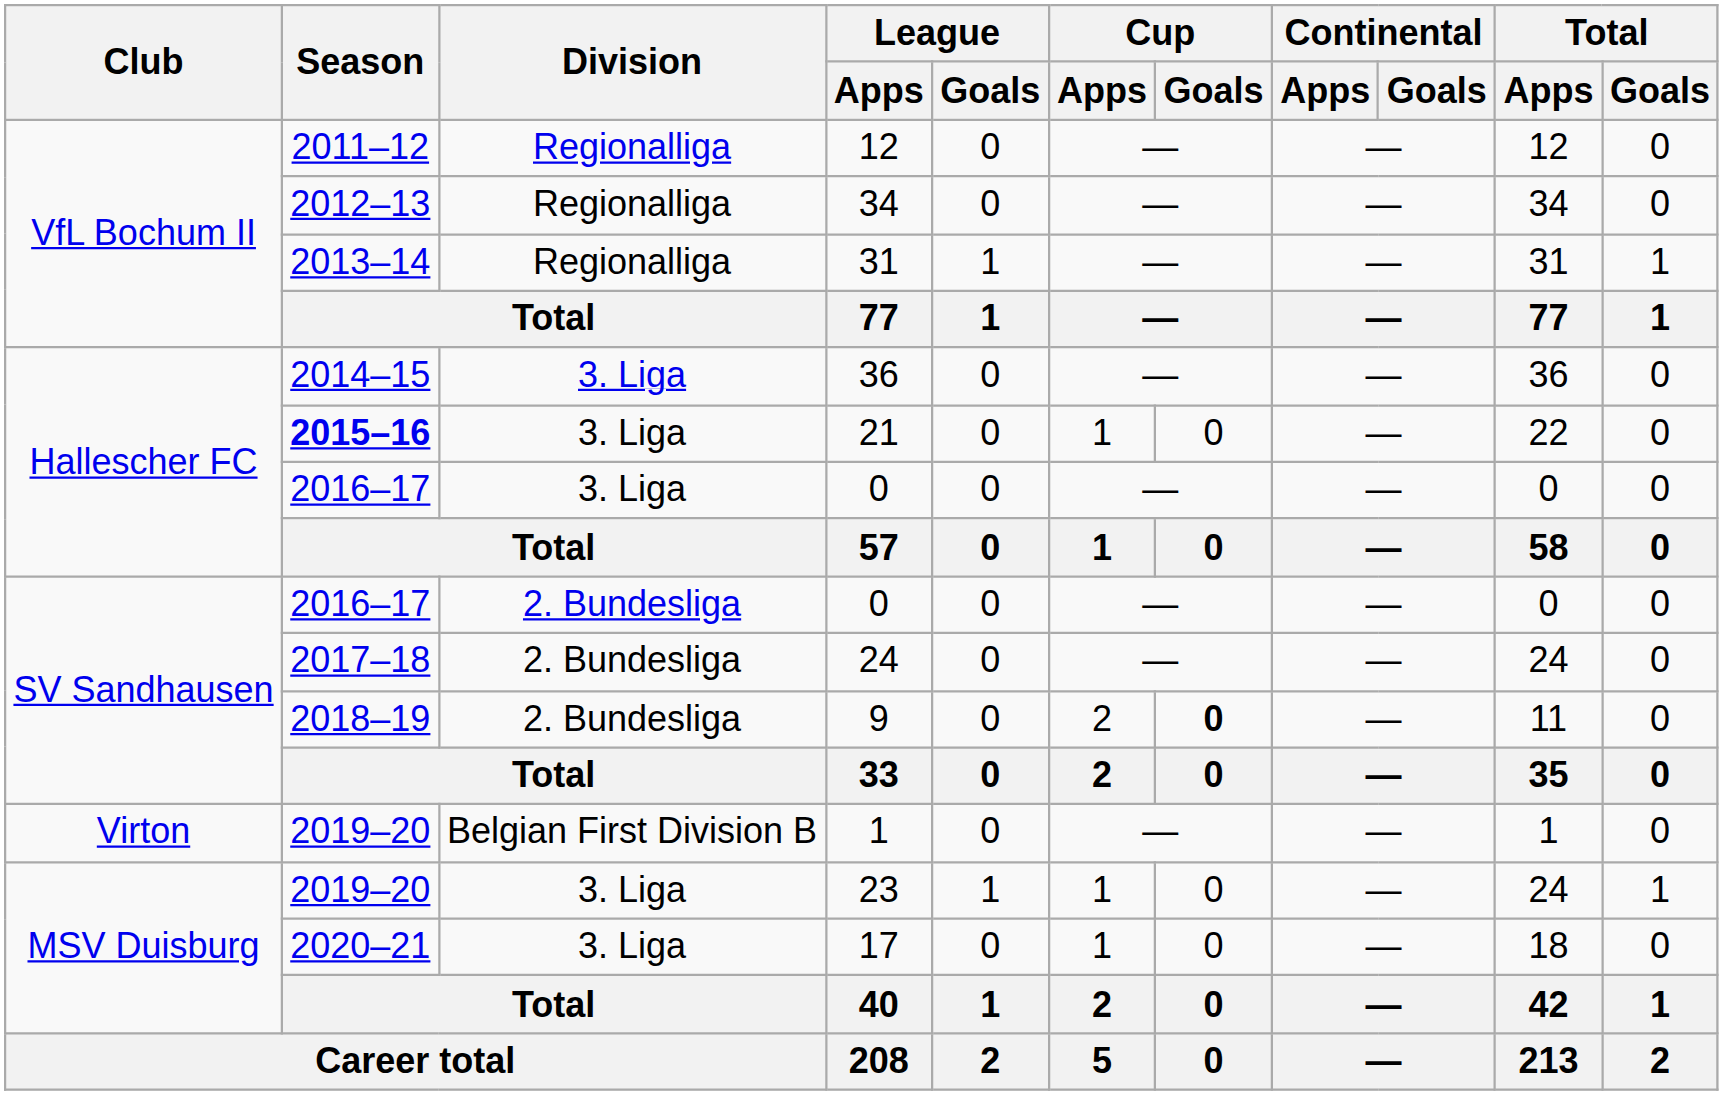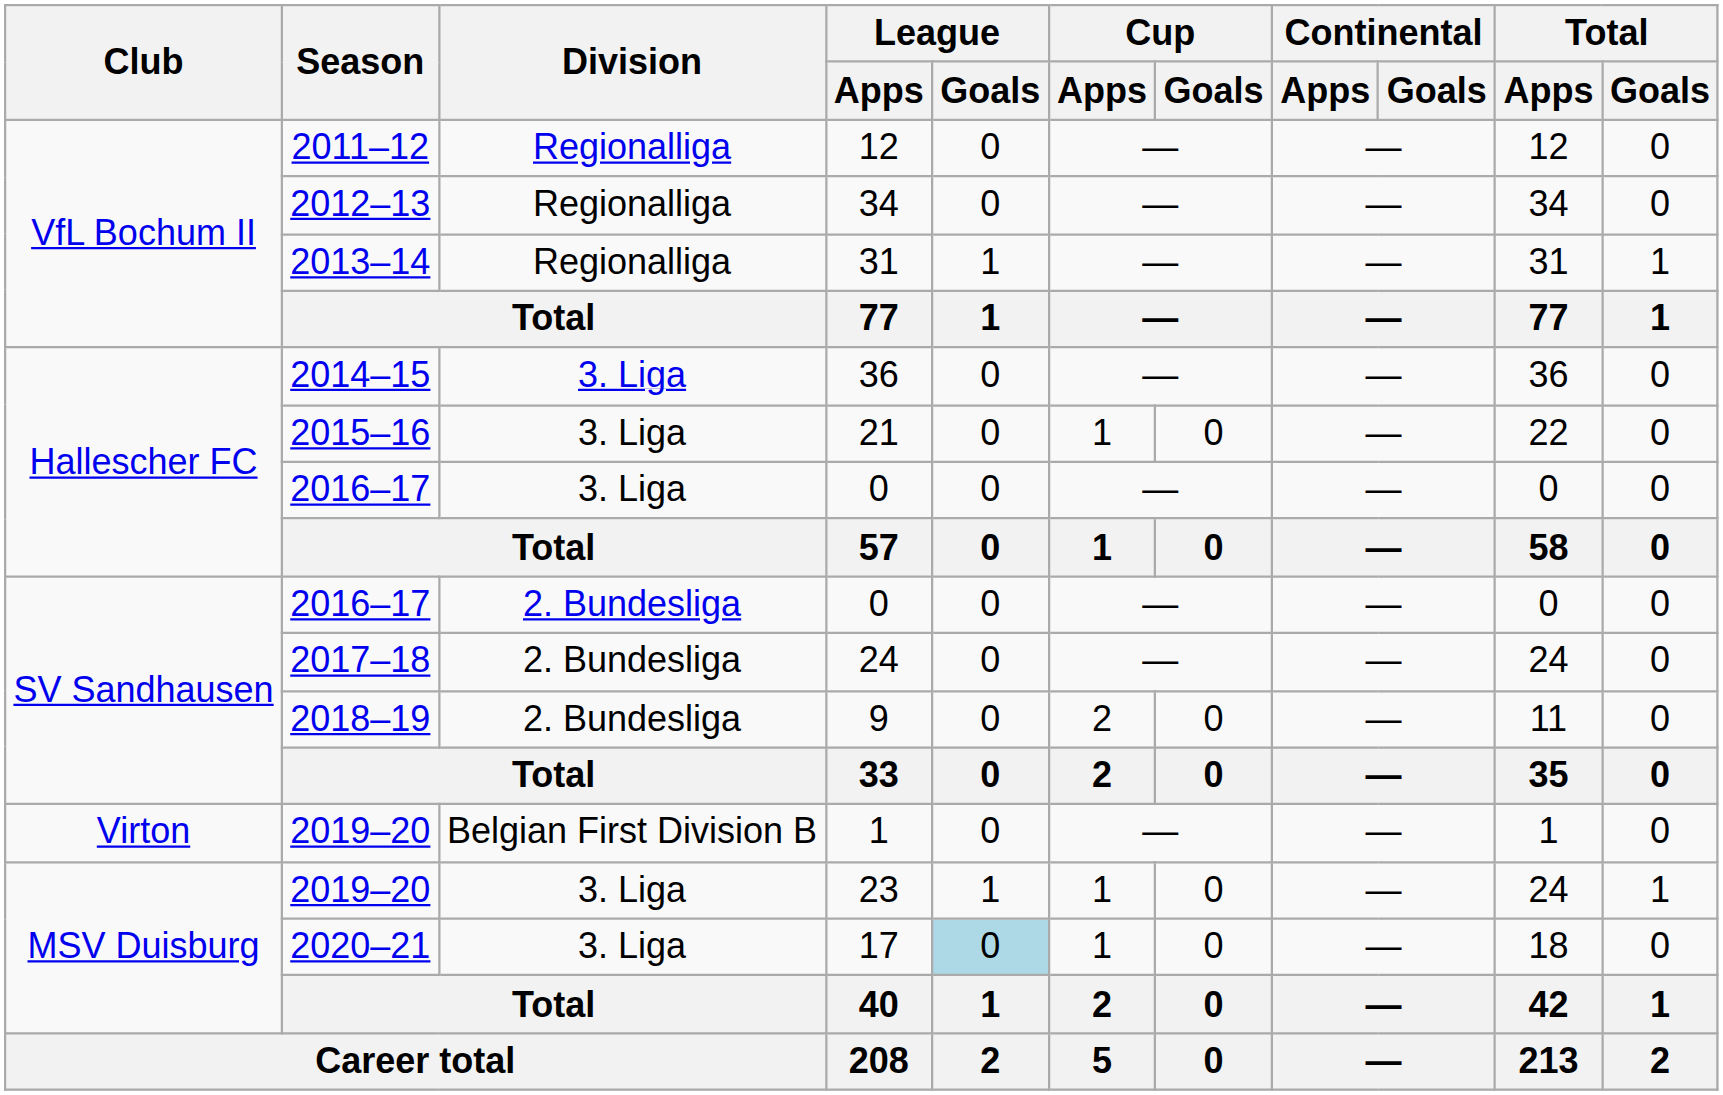 <table class="wikitable" style="text-align:center">
 <tr>
 <th rowspan="2">Club</th>
 <th rowspan="2">Season</th>
 <th rowspan="2">Division</th>
 <th colspan="2">League</th>
 <th colspan="2">Cup</th>
 <th colspan="2">Continental</th>
 <th colspan="2">Total</th>
 </tr>
 <tr>
 <th>Apps</th>
 <th>Goals</th>
 <th>Apps</th>
 <th>Goals</th>
 <th>Apps</th>
 <th>Goals</th>
 <th>Apps</th>
 <th>Goals</th>
 </tr>
 <tr>
 <td rowspan="4"><a href='#'>VfL Bochum II</a></td>
 <td><a href='#'>2011–12</a></td>
 <td><a href='#'>Regionalliga</a></td>
 <td>12</td>
 <td>0</td>
 <td colspan="2">—</td>
 <td colspan="2">—</td>
 <td>12</td>
 <td>0</td>
 </tr>
 <tr>
 <td><a href='#'>2012–13</a></td>
 <td>Regionalliga</td>
 <td>34</td>
 <td>0</td>
 <td colspan="2">—</td>
 <td colspan="2">—</td>
 <td>34</td>
 <td>0</td>
 </tr>
 <tr>
 <td><a href='#'>2013–14</a></td>
 <td>Regionalliga</td>
 <td>31</td>
 <td>1</td>
 <td colspan="2">—</td>
 <td colspan="2">—</td>
 <td>31</td>
 <td>1</td>
 </tr>
 <tr>
 <th colspan="2">Total</th>
 <th>77</th>
 <th>1</th>
 <th colspan="2">—</th>
 <th colspan="2">—</th>
 <th>77</th>
 <th>1</th>
 </tr>
 <tr>
 <td rowspan="4"><a href='#'>Hallescher FC</a></td>
 <td><a href='#'>2014–15</a></td>
 <td><a href='#'>3. Liga</a></td>
 <td>36</td>
 <td>0</td>
 <td colspan="2">—</td>
 <td colspan="2">—</td>
 <td>36</td>
 <td>0</td>
 </tr>
 <tr>
-<td><strong><a href='#'>2015–16</a></strong></td>
+<td><a href='#'>2015–16</a></td>
 <td>3. Liga</td>
 <td>21</td>
 <td>0</td>
 <td>1</td>
 <td>0</td>
 <td colspan="2">—</td>
 <td>22</td>
 <td>0</td>
 </tr>
 <tr>
 <td><a href='#'>2016–17</a></td>
 <td>3. Liga</td>
 <td>0</td>
 <td>0</td>
 <td colspan="2">—</td>
 <td colspan="2">—</td>
 <td>0</td>
 <td>0</td>
 </tr>
 <tr>
 <th colspan="2">Total</th>
 <th>57</th>
 <th>0</th>
 <th>1</th>
 <th>0</th>
 <th colspan="2">—</th>
 <th>58</th>
 <th>0</th>
 </tr>
 <tr>
 <td rowspan="4"><a href='#'>SV Sandhausen</a></td>
 <td><a href='#'>2016–17</a></td>
 <td><a href='#'>2. Bundesliga</a></td>
 <td>0</td>
 <td>0</td>
 <td colspan="2">—</td>
 <td colspan="2">—</td>
 <td>0</td>
 <td>0</td>
 </tr>
 <tr>
 <td><a href='#'>2017–18</a></td>
 <td>2. Bundesliga</td>
 <td>24</td>
 <td>0</td>
 <td colspan="2">—</td>
 <td colspan="2">—</td>
 <td>24</td>
 <td>0</td>
 </tr>
 <tr>
 <td><a href='#'>2018–19</a></td>
 <td>2. Bundesliga</td>
 <td>9</td>
 <td>0</td>
 <td>2</td>
-<td><strong>0</strong></td>
+<td>0</td>
 <td colspan="2">—</td>
 <td>11</td>
 <td>0</td>
 </tr>
 <tr>
 <th colspan="2">Total</th>
 <th>33</th>
 <th>0</th>
 <th>2</th>
 <th>0</th>
 <th colspan="2">—</th>
 <th>35</th>
 <th>0</th>
 </tr>
 <tr>
 <td><a href='#'>Virton</a></td>
 <td><a href='#'>2019–20</a></td>
 <td>Belgian First Division B</td>
 <td>1</td>
 <td>0</td>
 <td colspan="2">—</td>
 <td colspan="2">—</td>
 <td>1</td>
 <td>0</td>
 </tr>
 <tr>
 <td rowspan="3"><a href='#'>MSV Duisburg</a></td>
 <td><a href='#'>2019–20</a></td>
 <td>3. Liga</td>
 <td>23</td>
 <td>1</td>
 <td>1</td>
 <td>0</td>
 <td colspan="2">—</td>
 <td>24</td>
 <td>1</td>
 </tr>
 <tr>
 <td><a href='#'>2020–21</a></td>
 <td>3. Liga</td>
 <td>17</td>
-<td>0</td>
+<td style="background: lightblue;">0</td>
 <td>1</td>
 <td>0</td>
 <td colspan="2">—</td>
 <td>18</td>
 <td>0</td>
 </tr>
 <tr>
 <th colspan="2">Total</th>
 <th>40</th>
 <th>1</th>
 <th>2</th>
 <th>0</th>
 <th colspan="2">—</th>
 <th>42</th>
 <th>1</th>
 </tr>
 <tr>
 <th colspan="3">Career total</th>
 <th>208</th>
 <th>2</th>
 <th>5</th>
 <th>0</th>
 <th colspan="2">—</th>
 <th>213</th>
 <th>2</th>
 </tr>
 </table>
